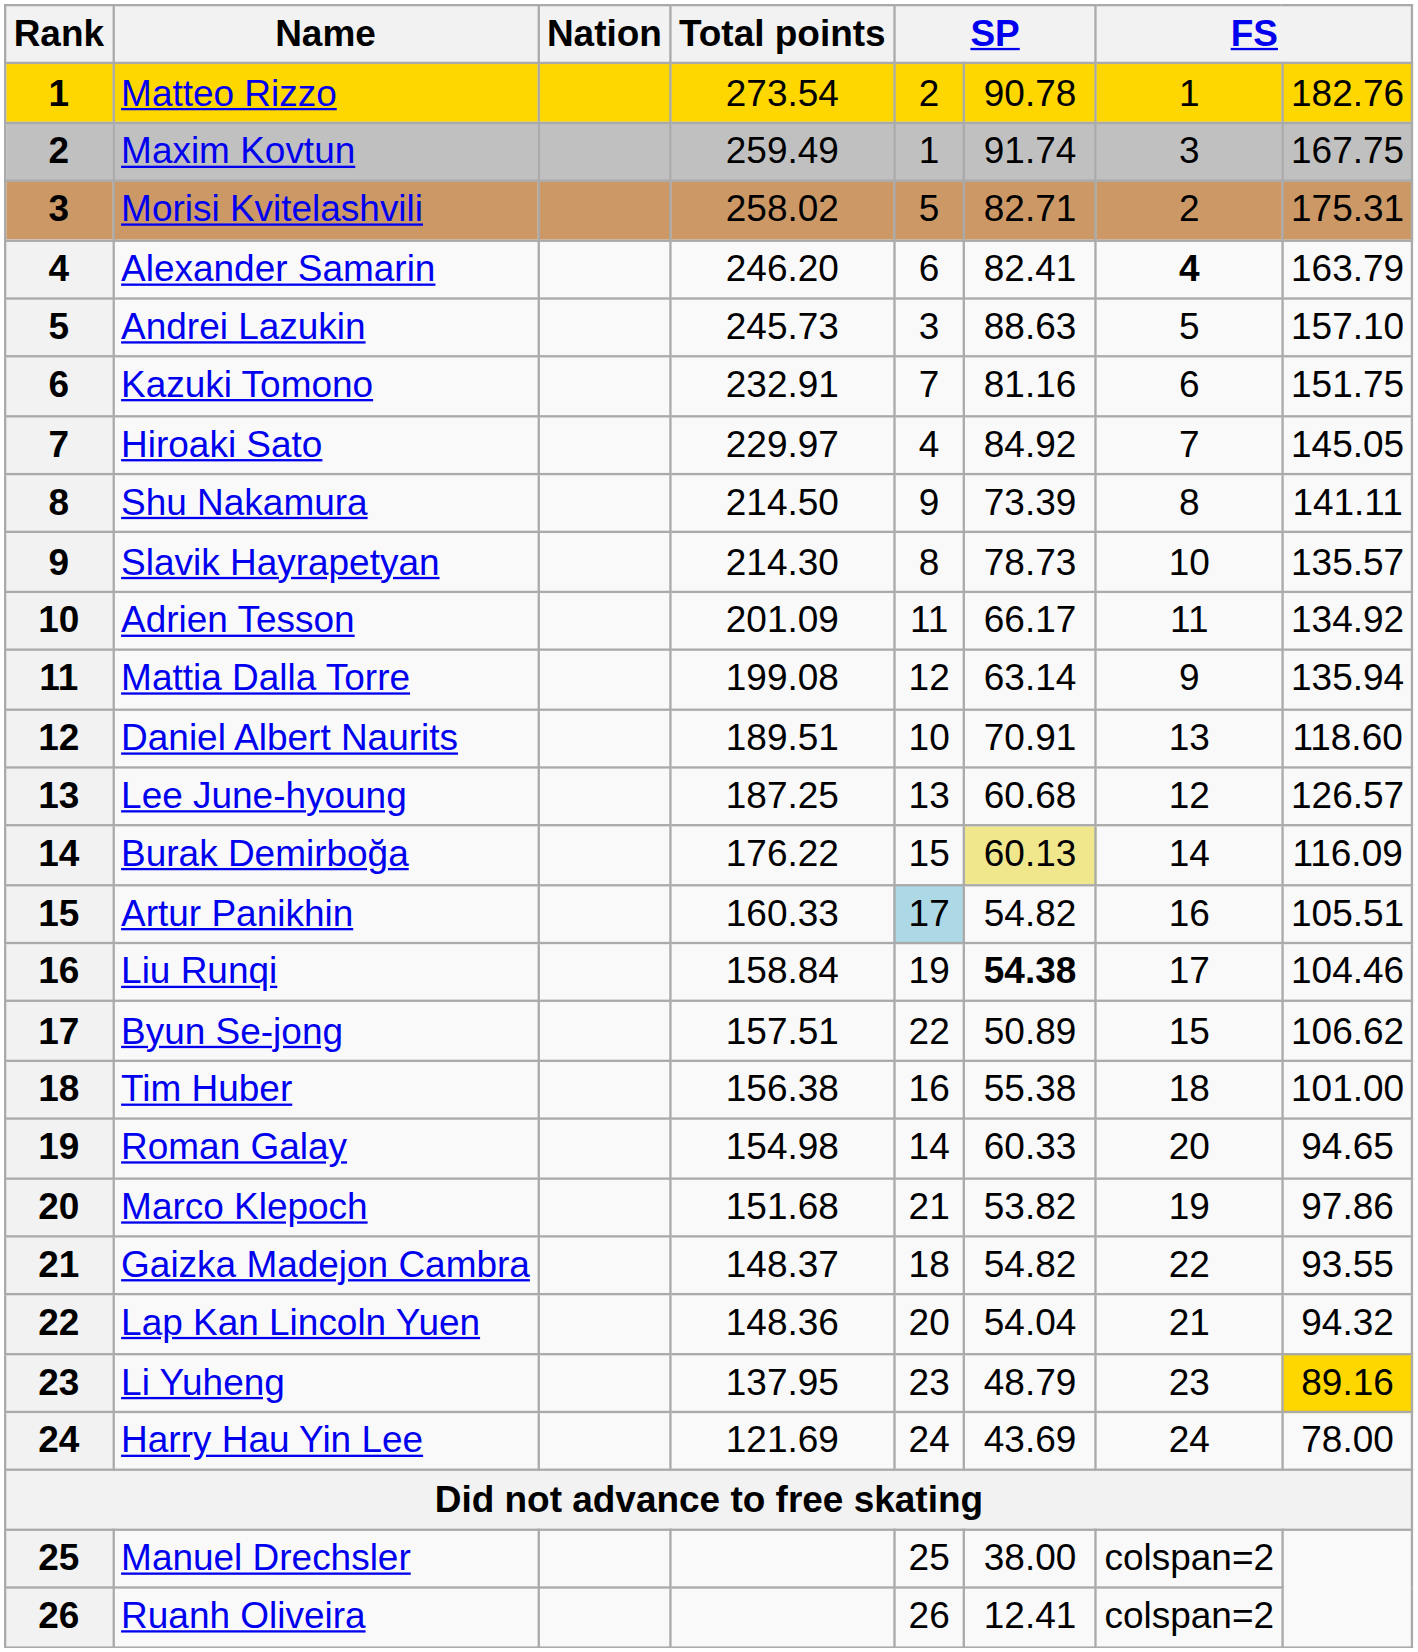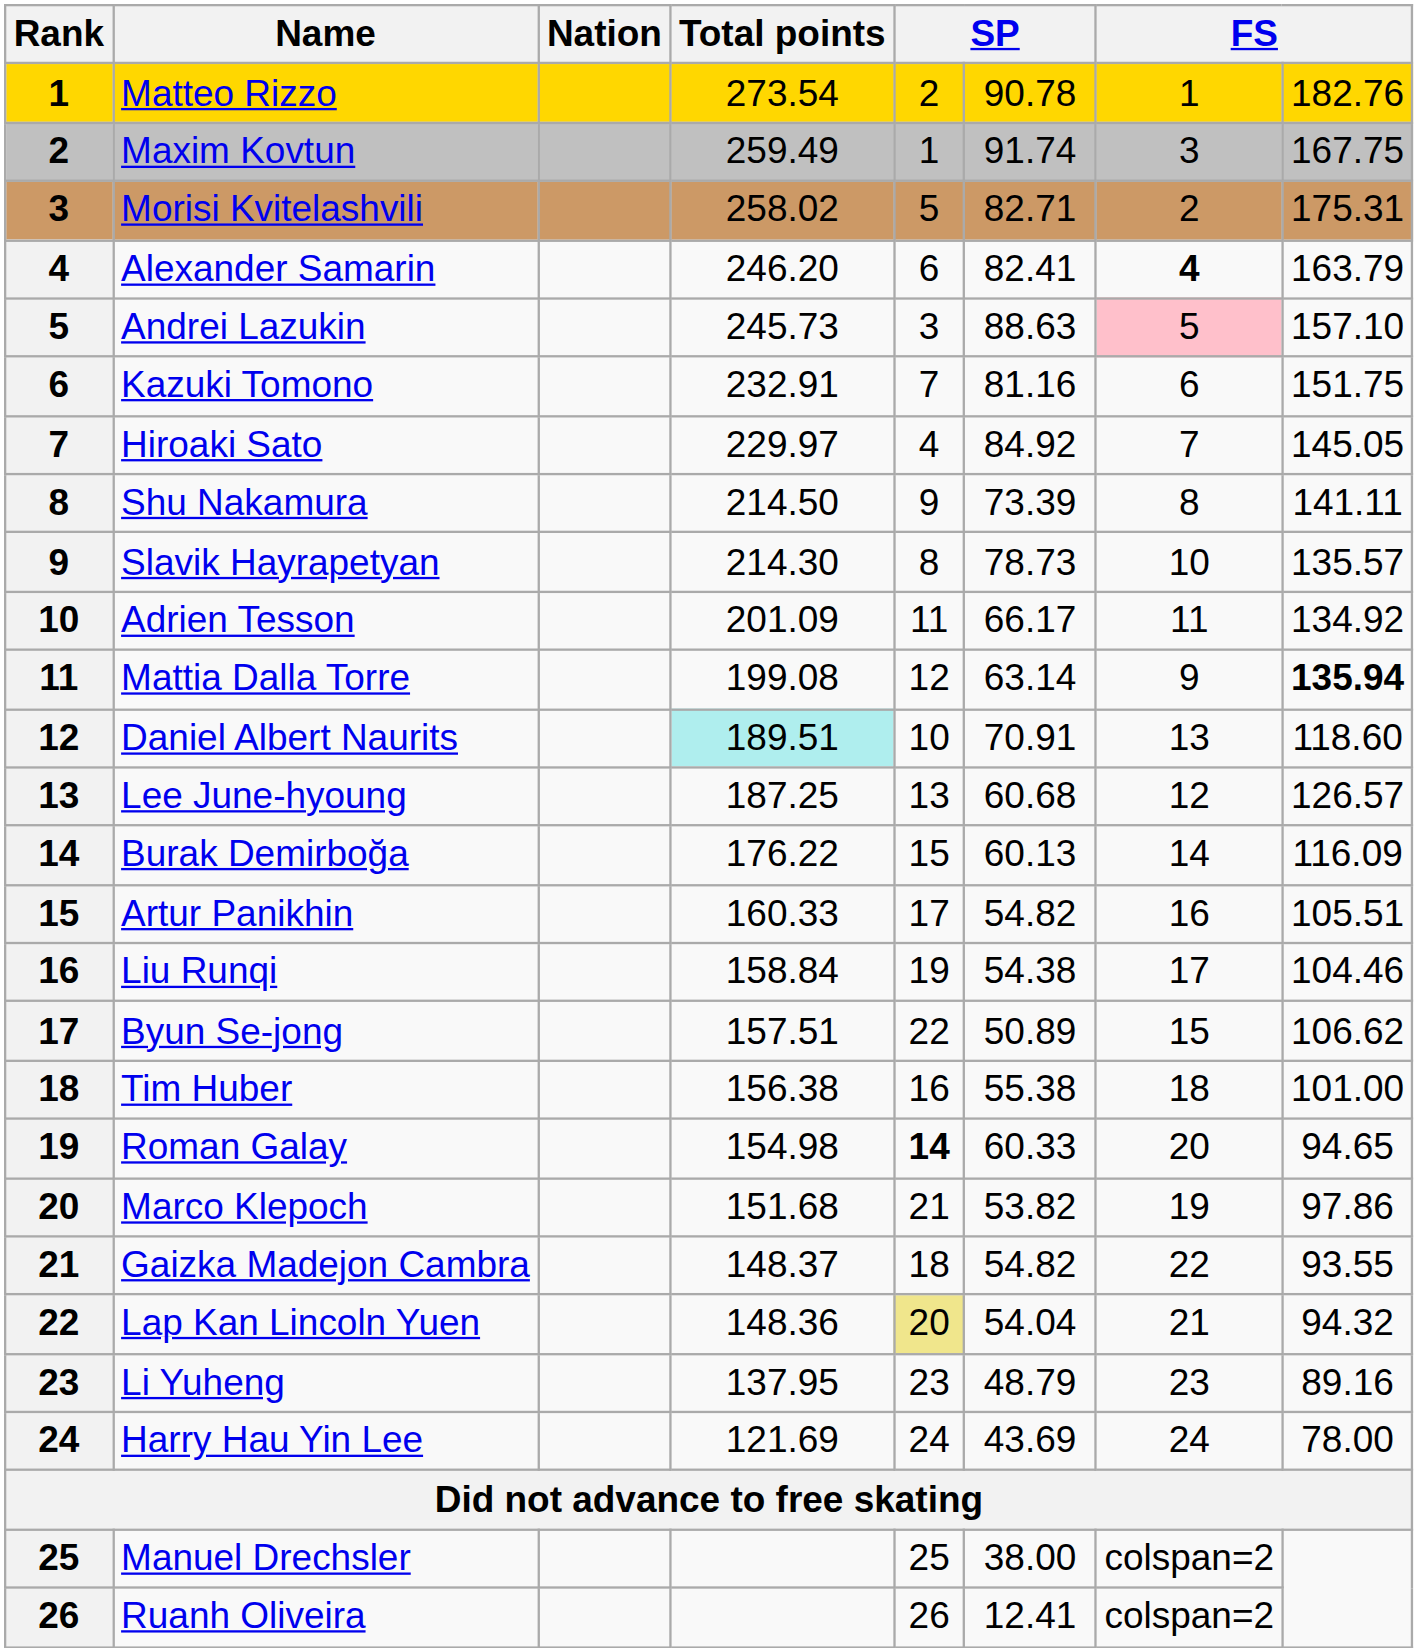 <table class="wikitable sortable">
 <tr>
 <th>Rank</th>
 <th>Name</th>
 <th>Nation</th>
 <th>Total points</th>
 <th colspan="2" width="80px"><a href='#'>SP</a></th>
 <th colspan="2" width="80px"><a href='#'>FS</a></th>
 </tr>
 <tr bgcolor="gold">
 <td align="center"><strong>1</strong></td>
 <td><a href='#'>Matteo Rizzo</a></td>
 <td></td>
 <td align="center">273.54</td>
 <td align="center">2</td>
 <td align="center">90.78</td>
 <td align="center">1</td>
 <td align="center">182.76</td>
 </tr>
 <tr bgcolor="silver">
 <td align="center"><strong>2</strong></td>
 <td><a href='#'>Maxim Kovtun</a></td>
 <td></td>
 <td align="center">259.49</td>
 <td align="center">1</td>
 <td align="center">91.74</td>
 <td align="center">3</td>
 <td align="center">167.75</td>
 </tr>
 <tr bgcolor="#cc9966">
 <td align="center"><strong>3</strong></td>
 <td><a href='#'>Morisi Kvitelashvili</a></td>
 <td></td>
 <td align="center">258.02</td>
 <td align="center">5</td>
 <td align="center">82.71</td>
 <td align="center">2</td>
 <td align="center">175.31</td>
 </tr>
 <tr>
 <th>4</th>
 <td><a href='#'>Alexander Samarin</a></td>
 <td></td>
 <td align="center">246.20</td>
 <td align="center">6</td>
 <td align="center">82.41</td>
 <td align="center"><strong>4</strong></td>
 <td align="center">163.79</td>
 </tr>
 <tr>
 <th>5</th>
 <td><a href='#'>Andrei Lazukin</a></td>
 <td></td>
 <td align="center">245.73</td>
 <td align="center">3</td>
 <td align="center">88.63</td>
-<td align="center">5</td>
+<td align="center" style="background: pink;">5</td>
 <td align="center">157.10</td>
 </tr>
 <tr>
 <th>6</th>
 <td><a href='#'>Kazuki Tomono</a></td>
 <td></td>
 <td align="center">232.91</td>
 <td align="center">7</td>
 <td align="center">81.16</td>
 <td align="center">6</td>
 <td align="center">151.75</td>
 </tr>
 <tr>
 <th>7</th>
 <td><a href='#'>Hiroaki Sato</a></td>
 <td></td>
 <td align="center">229.97</td>
 <td align="center">4</td>
 <td align="center">84.92</td>
 <td align="center">7</td>
 <td align="center">145.05</td>
 </tr>
 <tr>
 <th>8</th>
 <td><a href='#'>Shu Nakamura</a></td>
 <td></td>
 <td align="center">214.50</td>
 <td align="center">9</td>
 <td align="center">73.39</td>
 <td align="center">8</td>
 <td align="center">141.11</td>
 </tr>
 <tr>
 <th>9</th>
 <td><a href='#'>Slavik Hayrapetyan</a></td>
 <td></td>
 <td align="center">214.30</td>
 <td align="center">8</td>
 <td align="center">78.73</td>
 <td align="center">10</td>
 <td align="center">135.57</td>
 </tr>
 <tr>
 <th>10</th>
 <td><a href='#'>Adrien Tesson</a></td>
 <td></td>
 <td align="center">201.09</td>
 <td align="center">11</td>
 <td align="center">66.17</td>
 <td align="center">11</td>
 <td align="center">134.92</td>
 </tr>
 <tr>
 <th>11</th>
 <td><a href='#'>Mattia Dalla Torre</a></td>
 <td></td>
 <td align="center">199.08</td>
 <td align="center">12</td>
 <td align="center">63.14</td>
 <td align="center">9</td>
-<td align="center">135.94</td>
+<td align="center"><strong>135.94</strong></td>
 </tr>
 <tr>
 <th>12</th>
 <td><a href='#'>Daniel Albert Naurits</a></td>
 <td></td>
-<td align="center">189.51</td>
+<td align="center" style="background: paleturquoise;">189.51</td>
 <td align="center">10</td>
 <td align="center">70.91</td>
 <td align="center">13</td>
 <td align="center">118.60</td>
 </tr>
 <tr>
 <th>13</th>
 <td><a href='#'>Lee June-hyoung</a></td>
 <td></td>
 <td align="center">187.25</td>
 <td align="center">13</td>
 <td align="center">60.68</td>
 <td align="center">12</td>
 <td align="center">126.57</td>
 </tr>
 <tr>
 <th>14</th>
 <td><a href='#'>Burak Demirboğa</a></td>
 <td></td>
 <td align="center">176.22</td>
 <td align="center">15</td>
-<td align="center" style="background: khaki;">60.13</td>
+<td align="center">60.13</td>
 <td align="center">14</td>
 <td align="center">116.09</td>
 </tr>
 <tr>
 <th>15</th>
 <td><a href='#'>Artur Panikhin</a></td>
 <td></td>
 <td align="center">160.33</td>
-<td align="center" style="background: lightblue;">17</td>
+<td align="center">17</td>
 <td align="center">54.82</td>
 <td align="center">16</td>
 <td align="center">105.51</td>
 </tr>
 <tr>
 <th>16</th>
 <td><a href='#'>Liu Runqi</a></td>
 <td></td>
 <td align="center">158.84</td>
 <td align="center">19</td>
-<td align="center"><strong>54.38</strong></td>
+<td align="center">54.38</td>
 <td align="center">17</td>
 <td align="center">104.46</td>
 </tr>
 <tr>
 <th>17</th>
 <td><a href='#'>Byun Se-jong</a></td>
 <td></td>
 <td align="center">157.51</td>
 <td align="center">22</td>
 <td align="center">50.89</td>
 <td align="center">15</td>
 <td align="center">106.62</td>
 </tr>
 <tr>
 <th>18</th>
 <td><a href='#'>Tim Huber</a></td>
 <td></td>
 <td align="center">156.38</td>
 <td align="center">16</td>
 <td align="center">55.38</td>
 <td align="center">18</td>
 <td align="center">101.00</td>
 </tr>
 <tr>
 <th>19</th>
 <td><a href='#'>Roman Galay</a></td>
 <td></td>
 <td align="center">154.98</td>
-<td align="center">14</td>
+<td align="center"><strong>14</strong></td>
 <td align="center">60.33</td>
 <td align="center">20</td>
 <td align="center">94.65</td>
 </tr>
 <tr>
 <th>20</th>
 <td><a href='#'>Marco Klepoch</a></td>
 <td></td>
 <td align="center">151.68</td>
 <td align="center">21</td>
 <td align="center">53.82</td>
 <td align="center">19</td>
 <td align="center">97.86</td>
 </tr>
 <tr>
 <th>21</th>
 <td><a href='#'>Gaizka Madejon Cambra</a></td>
 <td></td>
 <td align="center">148.37</td>
 <td align="center">18</td>
 <td align="center">54.82</td>
 <td align="center">22</td>
 <td align="center">93.55</td>
 </tr>
 <tr>
 <th>22</th>
 <td><a href='#'>Lap Kan Lincoln Yuen</a></td>
 <td></td>
 <td align="center">148.36</td>
-<td align="center">20</td>
+<td align="center" style="background: khaki;">20</td>
 <td align="center">54.04</td>
 <td align="center">21</td>
 <td align="center">94.32</td>
 </tr>
 <tr>
 <th>23</th>
 <td><a href='#'>Li Yuheng</a></td>
 <td></td>
 <td align="center">137.95</td>
 <td align="center">23</td>
 <td align="center">48.79</td>
 <td align="center">23</td>
-<td align="center" style="background: gold;">89.16</td>
+<td align="center">89.16</td>
 </tr>
 <tr>
 <th>24</th>
 <td><a href='#'>Harry Hau Yin Lee</a></td>
 <td></td>
 <td align="center">121.69</td>
 <td align="center">24</td>
 <td align="center">43.69</td>
 <td align="center">24</td>
 <td align="center">78.00</td>
 </tr>
 <tr>
 <th colspan=8>Did not advance to free skating</th>
 </tr>
 <tr>
 <th>25</th>
 <td><a href='#'>Manuel Drechsler</a></td>
 <td></td>
 <td></td>
 <td align="center">25</td>
 <td align="center">38.00</td>
 <td>colspan=2 </td>
 </tr>
 <tr>
 <th>26</th>
 <td><a href='#'>Ruanh Oliveira</a></td>
 <td></td>
 <td></td>
 <td align="center">26</td>
 <td align="center">12.41</td>
 <td>colspan=2 </td>
 </tr>
 </table>
